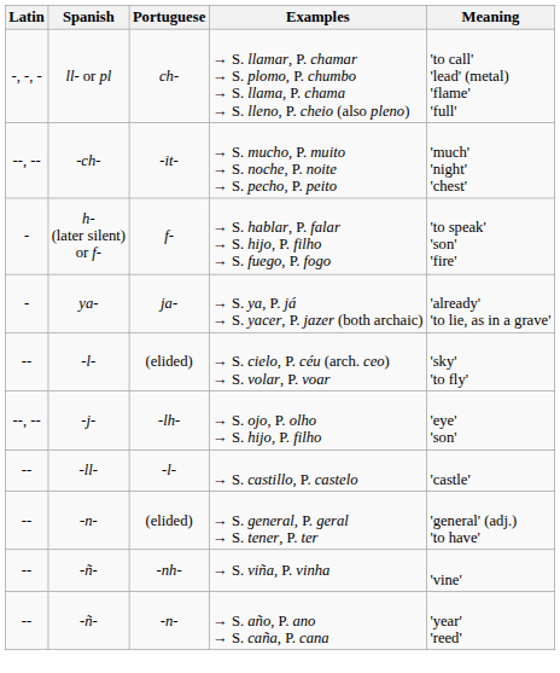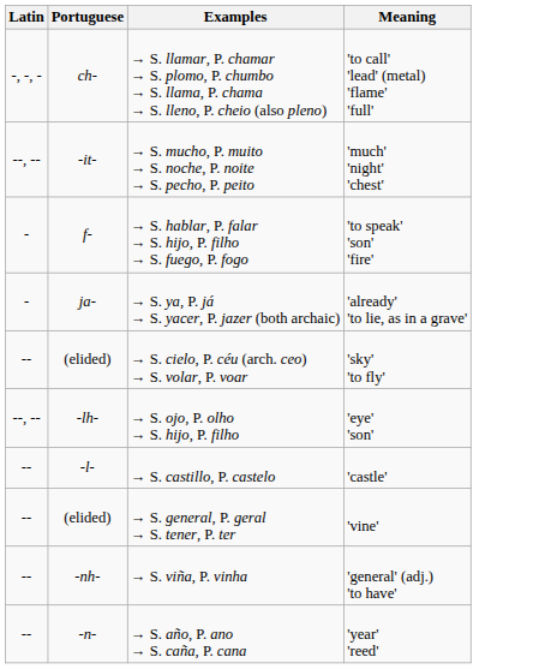 <table class="wikitable">
 <tr align=center>
 <th>Latin</th>
-<th>Spanish</th>
 <th>Portuguese</th>
 <th>Examples</th>
 <th>Meaning</th>
 </tr>
 <tr align=center>
 <td>-, -, -</td>
-<td><em>ll-</em> or <em>pl</em></td>
 <td><em>ch-</em></td>
 <td align=left><br> → S. <em>llamar</em>, P. <em>chamar</em> <br>  → S. <em>plomo</em>, P. <em>chumbo</em> <br>  → S. <em>llama</em>, P. <em>chama</em> <br>  → S. <em>lleno</em>, P. <em>cheio</em> (also <em>pleno</em>)</td>
 <td align=left><br>'to call' <br> 'lead' (metal) <br> 'flame' <br> 'full'</td>
 </tr>
 <tr align=center>
 <td>--, --</td>
-<td><em>-ch-</em></td>
 <td><em>-it-</em></td>
 <td align=left><br> → S. <em>mucho</em>, P. <em>muito</em> <br>  → S. <em>noche</em>, P. <em>noite</em> <br>  → S. <em>pecho</em>, P. <em>peito</em></td>
 <td align=left><br>'much' <br> 'night' <br> 'chest'</td>
 </tr>
 <tr align=center>
 <td>-</td>
-<td><em>h-</em> <br> (later silent) <br> or <em>f-</em></td>
 <td><em>f-</em></td>
 <td align=left><br> → S. <em>hablar</em>, P. <em>falar</em>  <br>  → S. <em>hijo</em>, P. <em>filho</em> <br>  → S. <em>fuego</em>, P. <em>fogo</em></td>
 <td align=left><br>'to speak' <br>  'son' <br> 'fire'</td>
 </tr>
 <tr align=center>
 <td>-</td>
-<td><em>ya-</em></td>
 <td><em>ja-</em></td>
 <td align=left><br> → S. <em>ya</em>, P. <em>já</em>  <br>  → S. <em>yacer</em>, P. <em>jazer</em> (both archaic)</td>
 <td align=left><br>'already' <br> 'to lie, as in a grave'</td>
 </tr>
 <tr align=center>
 <td>--</td>
-<td><em>-l-</em></td>
 <td>(elided)</td>
 <td align=left><br> → S. <em>cielo</em>, P. <em>céu</em> (arch. <em>ceo</em>) <br>   → S. <em>volar</em>, P. <em>voar</em></td>
 <td align=left><br>'sky' <br>  'to fly'</td>
 </tr>
 <tr align=center>
 <td>--, --</td>
-<td><em>-j-</em></td>
 <td><em>-lh-</em></td>
 <td align=left><br> → S. <em>ojo</em>, P. <em>olho</em> <br>  → S. <em>hijo</em>, P. <em>filho</em></td>
 <td align=left><br>'eye' <br> 'son'</td>
 </tr>
 <tr align=center>
 <td>--</td>
-<td><em>-ll-</em></td>
 <td><em>-l-</em></td>
 <td align=left><br> → S. <em>castillo</em>, P. <em>castelo</em></td>
 <td align=left><br>'castle'</td>
 </tr>
 <tr align=center>
 <td>--</td>
-<td><em>-n-</em></td>
 <td>(elided)</td>
 <td align=left><br> → S. <em>general</em>, P. <em>geral</em> <br>  → S. <em>tener</em>, P. <em>ter</em></td>
+<td align=left><br>'vine'</td>
+</tr>
+<tr align=center>
+<td>--</td>
+<td><em>-nh-</em></td>
+<td align=left> → S. <em>viña</em>, P. <em>vinha</em></td>
 <td align=left><br>'general' (adj.) <br> 'to have'</td>
 </tr>
 <tr align=center>
 <td>--</td>
-<td><em>-ñ-</em></td>
-<td><em>-nh-</em></td>
-<td align=left> → S. <em>viña</em>, P. <em>vinha</em></td>
-<td align=left><br>'vine'</td>
-</tr>
-<tr align=center>
-<td>--</td>
-<td><em>-ñ-</em></td>
 <td><em>-n-</em></td>
 <td align=left><br> → S. <em>año</em>, P. <em>ano</em> <br>  → S. <em>caña</em>, P. <em>cana</em></td>
 <td align=left><br>'year' <br> 'reed'</td>
 </tr>
 </table>
